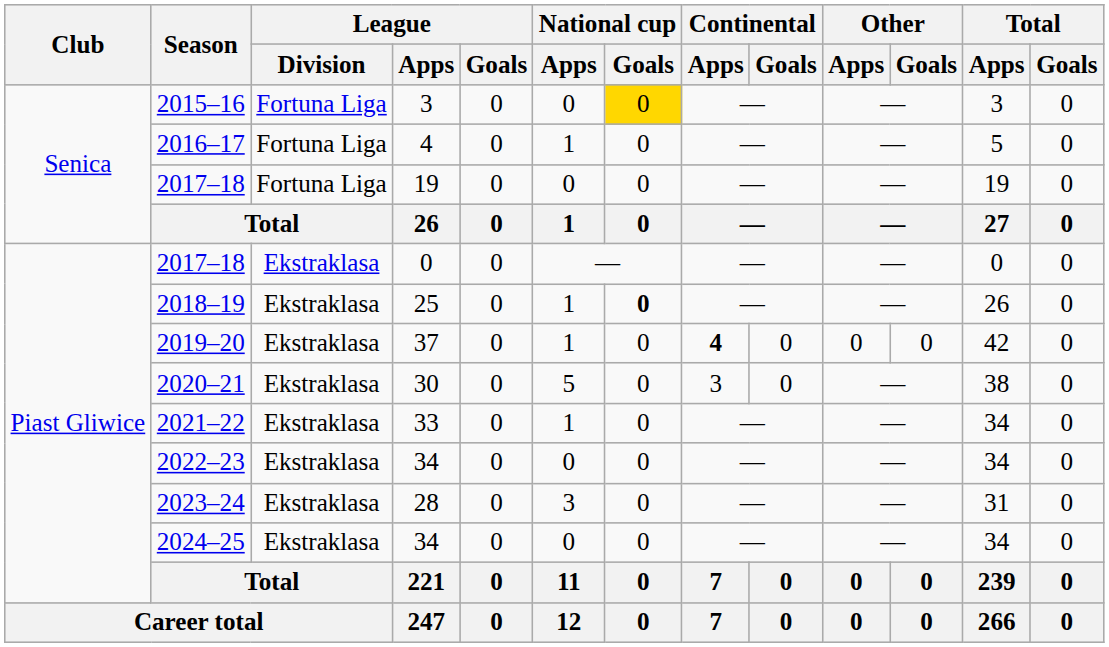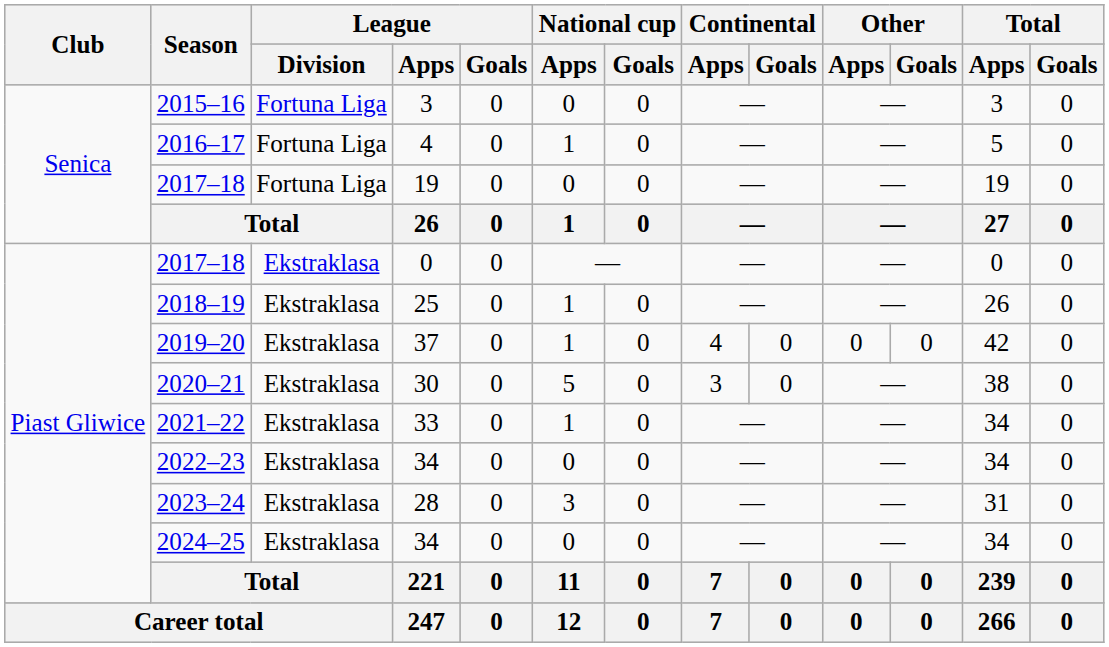 <table class="wikitable" style="text-align:center">
 <tr>
 <th rowspan="2">Club</th>
 <th rowspan="2">Season</th>
 <th colspan="3">League</th>
 <th colspan="2">National cup</th>
 <th colspan="2">Continental</th>
 <th colspan="2">Other</th>
 <th colspan="2">Total</th>
 </tr>
 <tr>
 <th>Division</th>
 <th>Apps</th>
 <th>Goals</th>
 <th>Apps</th>
 <th>Goals</th>
 <th>Apps</th>
 <th>Goals</th>
 <th>Apps</th>
 <th>Goals</th>
 <th>Apps</th>
 <th>Goals</th>
 </tr>
 <tr>
 <td rowspan="4"><a href='#'>Senica</a></td>
 <td><a href='#'>2015–16</a></td>
 <td><a href='#'>Fortuna Liga</a></td>
 <td>3</td>
 <td>0</td>
 <td>0</td>
-<td style="background: gold;">0</td>
+<td>0</td>
 <td colspan="2">—</td>
 <td colspan="2">—</td>
 <td>3</td>
 <td>0</td>
 </tr>
 <tr>
 <td><a href='#'>2016–17</a></td>
 <td>Fortuna Liga</td>
 <td>4</td>
 <td>0</td>
 <td>1</td>
 <td>0</td>
 <td colspan="2">—</td>
 <td colspan="2">—</td>
 <td>5</td>
 <td>0</td>
 </tr>
 <tr>
 <td><a href='#'>2017–18</a></td>
 <td>Fortuna Liga</td>
 <td>19</td>
 <td>0</td>
 <td>0</td>
 <td>0</td>
 <td colspan="2">—</td>
 <td colspan="2">—</td>
 <td>19</td>
 <td>0</td>
 </tr>
 <tr>
 <th colspan="2">Total</th>
 <th>26</th>
 <th>0</th>
 <th>1</th>
 <th>0</th>
 <th colspan="2">—</th>
 <th colspan="2">—</th>
 <th>27</th>
 <th>0</th>
 </tr>
 <tr>
 <td rowspan="9"><a href='#'>Piast Gliwice</a></td>
 <td><a href='#'>2017–18</a></td>
 <td><a href='#'>Ekstraklasa</a></td>
 <td>0</td>
 <td>0</td>
 <td colspan="2">—</td>
 <td colspan="2">—</td>
 <td colspan="2">—</td>
 <td>0</td>
 <td>0</td>
 </tr>
 <tr>
 <td><a href='#'>2018–19</a></td>
 <td>Ekstraklasa</td>
 <td>25</td>
 <td>0</td>
 <td>1</td>
-<td><strong>0</strong></td>
+<td>0</td>
 <td colspan="2">—</td>
 <td colspan="2">—</td>
 <td>26</td>
 <td>0</td>
 </tr>
 <tr>
 <td><a href='#'>2019–20</a></td>
 <td>Ekstraklasa</td>
 <td>37</td>
 <td>0</td>
 <td>1</td>
 <td>0</td>
-<td><strong>4</strong></td>
+<td>4</td>
 <td>0</td>
 <td>0</td>
 <td>0</td>
 <td>42</td>
 <td>0</td>
 </tr>
 <tr>
 <td><a href='#'>2020–21</a></td>
 <td>Ekstraklasa</td>
 <td>30</td>
 <td>0</td>
 <td>5</td>
 <td>0</td>
 <td>3</td>
 <td>0</td>
 <td colspan="2">—</td>
 <td>38</td>
 <td>0</td>
 </tr>
 <tr>
 <td><a href='#'>2021–22</a></td>
 <td>Ekstraklasa</td>
 <td>33</td>
 <td>0</td>
 <td>1</td>
 <td>0</td>
 <td colspan="2">—</td>
 <td colspan="2">—</td>
 <td>34</td>
 <td>0</td>
 </tr>
 <tr>
 <td><a href='#'>2022–23</a></td>
 <td>Ekstraklasa</td>
 <td>34</td>
 <td>0</td>
 <td>0</td>
 <td>0</td>
 <td colspan="2">—</td>
 <td colspan="2">—</td>
 <td>34</td>
 <td>0</td>
 </tr>
 <tr>
 <td><a href='#'>2023–24</a></td>
 <td>Ekstraklasa</td>
 <td>28</td>
 <td>0</td>
 <td>3</td>
 <td>0</td>
 <td colspan="2">—</td>
 <td colspan="2">—</td>
 <td>31</td>
 <td>0</td>
 </tr>
 <tr>
 <td><a href='#'>2024–25</a></td>
 <td>Ekstraklasa</td>
 <td>34</td>
 <td>0</td>
 <td>0</td>
 <td>0</td>
 <td colspan="2">—</td>
 <td colspan="2">—</td>
 <td>34</td>
 <td>0</td>
 </tr>
 <tr>
 <th colspan="2">Total</th>
 <th>221</th>
 <th>0</th>
 <th>11</th>
 <th>0</th>
 <th>7</th>
 <th>0</th>
 <th>0</th>
 <th>0</th>
 <th>239</th>
 <th>0</th>
 </tr>
 <tr>
 <th colspan="3">Career total</th>
 <th>247</th>
 <th>0</th>
 <th>12</th>
 <th>0</th>
 <th>7</th>
 <th>0</th>
 <th>0</th>
 <th>0</th>
 <th>266</th>
 <th>0</th>
 </tr>
 </table>
